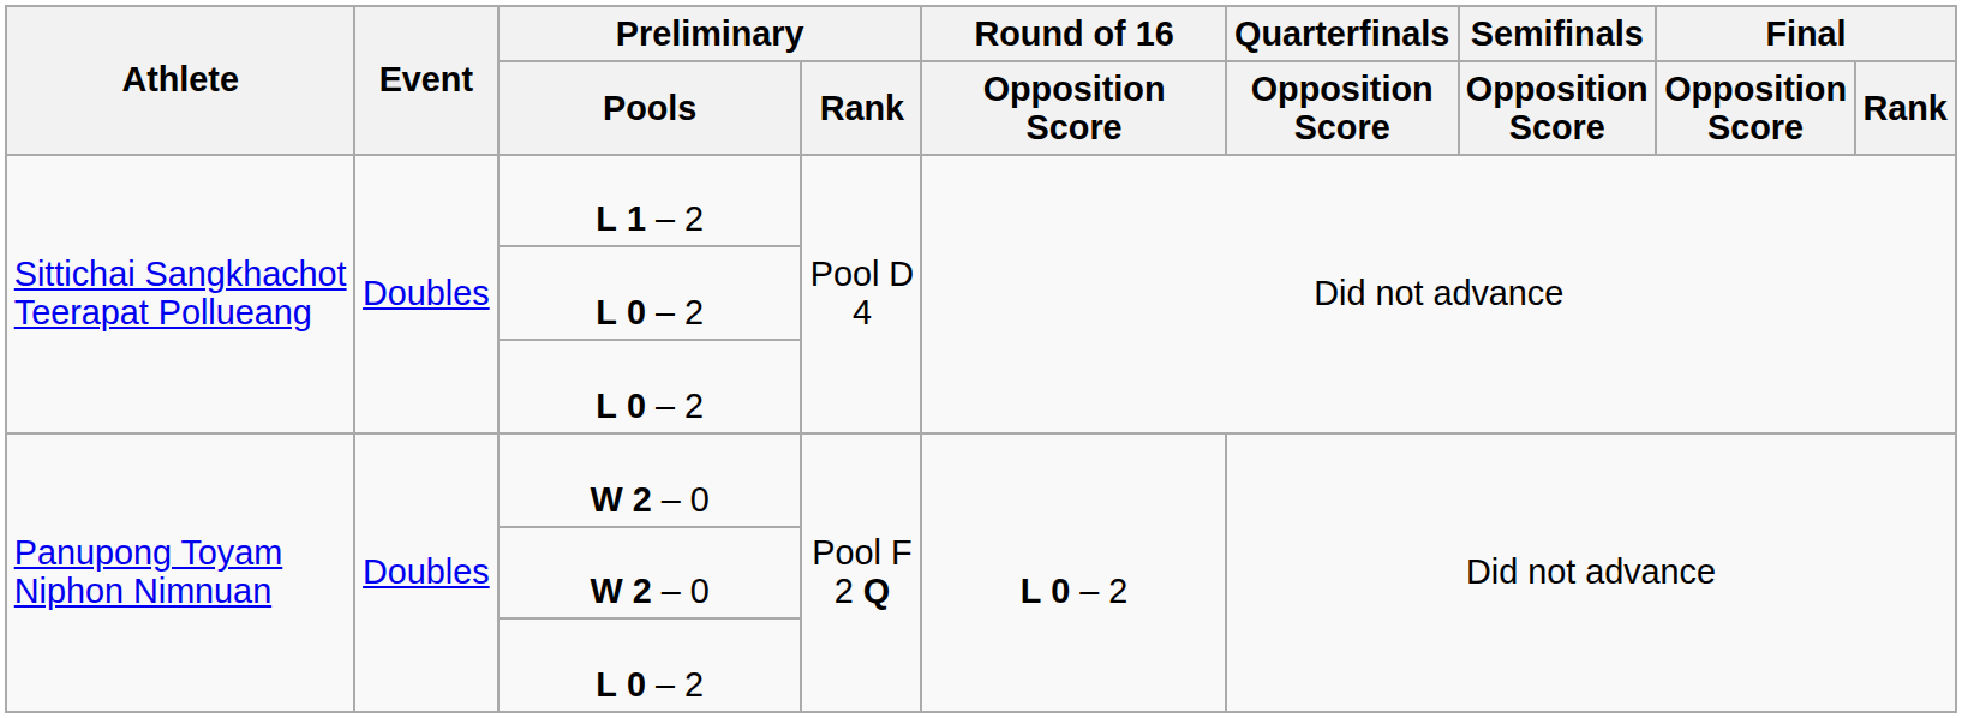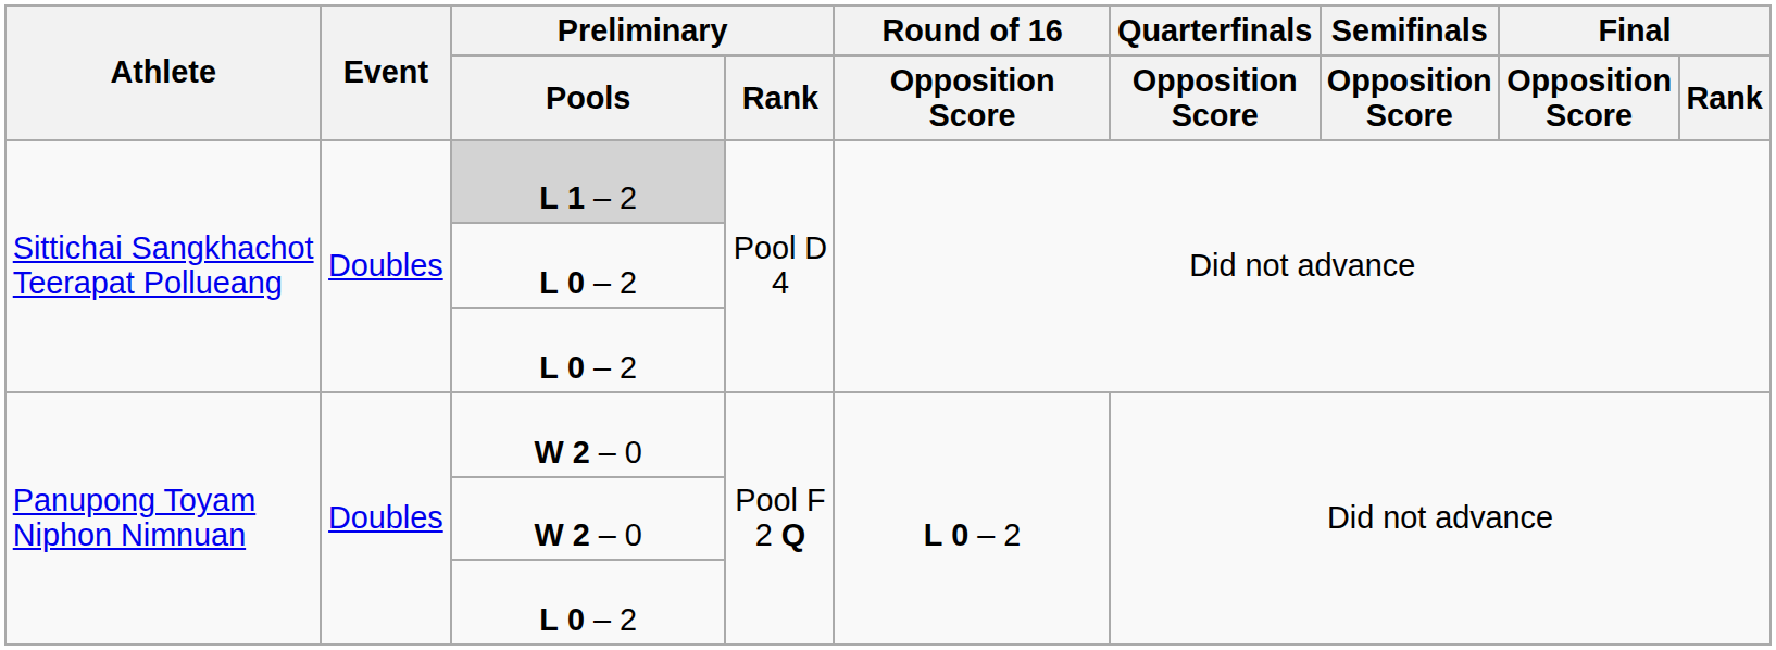 <table class="wikitable" style="text-align:center; font-size:90%">
 <tr>
 <th rowspan="2">Athlete</th>
 <th rowspan="2">Event</th>
 <th colspan="2">Preliminary</th>
 <th>Round of 16</th>
 <th>Quarterfinals</th>
 <th>Semifinals</th>
 <th colspan="2">Final</th>
 </tr>
 <tr>
 <th width="120">Pools</th>
 <th>Rank</th>
 <th width="120">Opposition<br>Score</th>
 <th>Opposition<br>Score</th>
 <th>Opposition<br>Score</th>
 <th>Opposition<br>Score</th>
 <th>Rank</th>
 </tr>
 <tr>
 <td align=left rowspan="3"><a href='#'>Sittichai Sangkhachot</a><br><a href='#'>Teerapat Pollueang</a></td>
 <td rowspan="3" align=left><a href='#'>Doubles</a></td>
-<td><br><strong>L</strong> <strong>1</strong> – 2<br></td>
+<td style="background: lightgrey;"><br><strong>L</strong> <strong>1</strong> – 2<br></td>
 <td rowspan="3" align=center>Pool D<br>4</td>
 <td rowspan="3" colspan=5 align=center>Did not advance</td>
 </tr>
 <tr>
 <td><br><strong>L</strong> <strong>0</strong> – 2</td>
 </tr>
 <tr>
 <td><br><strong>L</strong> <strong>0</strong> – 2</td>
 </tr>
 <tr>
 <td rowspan="3" align=left><a href='#'>Panupong Toyam</a><br><a href='#'>Niphon Nimnuan</a></td>
 <td rowspan="3" align=left><a href='#'>Doubles</a></td>
 <td><br><strong>W</strong> <strong>2</strong> – 0</td>
 <td rowspan="3" align=center>Pool F<br>2 <strong>Q</strong></td>
 <td rowspan="3"><br><strong>L</strong> <strong>0</strong> – 2</td>
 <td rowspan="3" colspan=4 align=center>Did not advance</td>
 </tr>
 <tr>
 <td><br><strong>W</strong> <strong>2</strong> – 0</td>
 </tr>
 <tr>
 <td><br><strong>L</strong> <strong>0</strong> – 2</td>
 </tr>
 </table>
